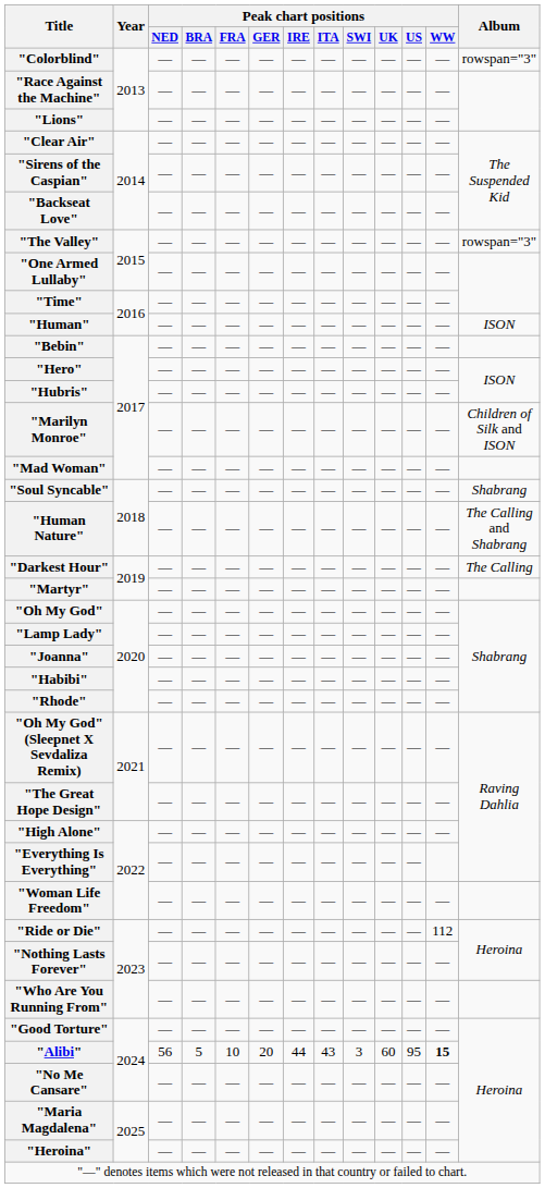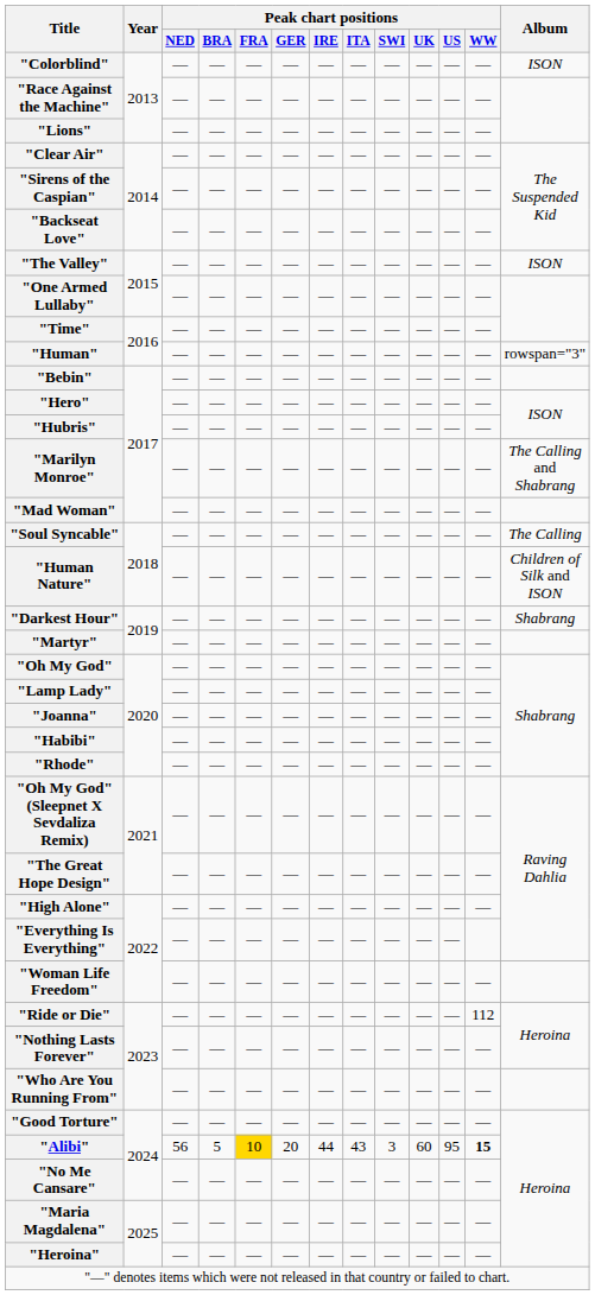 <table class="wikitable plainrowheaders" style="text-align:center;">
 <tr>
 <th scope="col" rowspan="2" style="width:20em;">Title</th>
 <th scope="col" rowspan="2" style="width:1em;">Year</th>
 <th scope="col" colspan="10">Peak chart positions</th>
 <th scope="col" rowspan="2">Album</th>
 </tr>
 <tr>
 <th scope="col" style="width:3em;font-size:90%;"><a href='#'>NED</a><br></th>
 <th scope="col" style="width:3em;font-size:90%;"><a href='#'>BRA</a><br></th>
 <th scope="col" style="width:3em;font-size:90%;"><a href='#'>FRA</a><br></th>
 <th scope="col" style="width:3em;font-size:90%;"><a href='#'>GER</a><br></th>
 <th scope="col" style="width:3em;font-size:90%;"><a href='#'>IRE</a><br></th>
 <th scope="col" style="width:3em;font-size:90%;"><a href='#'>ITA</a><br></th>
 <th scope="col" style="width:3em;font-size:90%;"><a href='#'>SWI</a><br></th>
 <th scope="col" style="width:3em;font-size:90%;"><a href='#'>UK</a><br></th>
 <th scope="col" style="width:3em;font-size:90%;"><a href='#'>US</a><br></th>
 <th scope="col" style="width:3em;font-size:90%;"><a href='#'>WW</a><br></th>
 </tr>
 <tr>
 <th scope="row">"Colorblind"</th>
 <td rowspan="3">2013</td>
 <td>—</td>
 <td>—</td>
 <td>—</td>
 <td>—</td>
 <td>—</td>
 <td>—</td>
 <td>—</td>
 <td>—</td>
 <td>—</td>
 <td>—</td>
-<td>rowspan="3" </td>
+<td><em>ISON</em></td>
 </tr>
 <tr>
 <th scope="row">"Race Against the Machine"</th>
 <td>—</td>
 <td>—</td>
 <td>—</td>
 <td>—</td>
 <td>—</td>
 <td>—</td>
 <td>—</td>
 <td>—</td>
 <td>—</td>
 <td>—</td>
 </tr>
 <tr>
 <th scope="row">"Lions"</th>
 <td>—</td>
 <td>—</td>
 <td>—</td>
 <td>—</td>
 <td>—</td>
 <td>—</td>
 <td>—</td>
 <td>—</td>
 <td>—</td>
 <td>—</td>
 </tr>
 <tr>
 <th scope="row">"Clear Air"</th>
 <td rowspan="3">2014</td>
 <td>—</td>
 <td>—</td>
 <td>—</td>
 <td>—</td>
 <td>—</td>
 <td>—</td>
 <td>—</td>
 <td>—</td>
 <td>—</td>
 <td>—</td>
 <td rowspan="3"><em>The Suspended Kid</em></td>
 </tr>
 <tr>
 <th scope="row">"Sirens of the Caspian"</th>
 <td>—</td>
 <td>—</td>
 <td>—</td>
 <td>—</td>
 <td>—</td>
 <td>—</td>
 <td>—</td>
 <td>—</td>
 <td>—</td>
 <td>—</td>
 </tr>
 <tr>
 <th scope="row">"Backseat Love"</th>
 <td>—</td>
 <td>—</td>
 <td>—</td>
 <td>—</td>
 <td>—</td>
 <td>—</td>
 <td>—</td>
 <td>—</td>
 <td>—</td>
 <td>—</td>
 </tr>
 <tr>
 <th scope="row">"The Valley"</th>
 <td rowspan="2">2015</td>
 <td>—</td>
 <td>—</td>
 <td>—</td>
 <td>—</td>
 <td>—</td>
 <td>—</td>
 <td>—</td>
 <td>—</td>
 <td>—</td>
 <td>—</td>
-<td>rowspan="3" </td>
+<td><em>ISON</em></td>
 </tr>
 <tr>
 <th scope="row">"One Armed Lullaby"</th>
 <td>—</td>
 <td>—</td>
 <td>—</td>
 <td>—</td>
 <td>—</td>
 <td>—</td>
 <td>—</td>
 <td>—</td>
 <td>—</td>
 <td>—</td>
 </tr>
 <tr>
 <th scope="row">"Time"</th>
 <td rowspan="2">2016</td>
 <td>—</td>
 <td>—</td>
 <td>—</td>
 <td>—</td>
 <td>—</td>
 <td>—</td>
 <td>—</td>
 <td>—</td>
 <td>—</td>
 <td>—</td>
 </tr>
 <tr>
 <th scope="row">"Human"</th>
 <td>—</td>
 <td>—</td>
 <td>—</td>
 <td>—</td>
 <td>—</td>
 <td>—</td>
 <td>—</td>
 <td>—</td>
 <td>—</td>
 <td>—</td>
-<td><em>ISON</em></td>
+<td>rowspan="3" </td>
 </tr>
 <tr>
 <th scope="row">"Bebin"</th>
 <td rowspan="5">2017</td>
 <td>—</td>
 <td>—</td>
 <td>—</td>
 <td>—</td>
 <td>—</td>
 <td>—</td>
 <td>—</td>
 <td>—</td>
 <td>—</td>
 <td>—</td>
 <td></td>
 </tr>
 <tr>
 <th scope="row">"Hero"</th>
 <td>—</td>
 <td>—</td>
 <td>—</td>
 <td>—</td>
 <td>—</td>
 <td>—</td>
 <td>—</td>
 <td>—</td>
 <td>—</td>
 <td>—</td>
 <td rowspan="2"><em>ISON</em></td>
 </tr>
 <tr>
 <th scope="row">"Hubris"</th>
 <td>—</td>
 <td>—</td>
 <td>—</td>
 <td>—</td>
 <td>—</td>
 <td>—</td>
 <td>—</td>
 <td>—</td>
 <td>—</td>
 <td>—</td>
 </tr>
 <tr>
 <th scope="row">"Marilyn Monroe"</th>
 <td>—</td>
 <td>—</td>
 <td>—</td>
 <td>—</td>
 <td>—</td>
 <td>—</td>
 <td>—</td>
 <td>—</td>
 <td>—</td>
 <td>—</td>
-<td><em>Children of Silk</em> and <em>ISON</em></td>
+<td><em>The Calling</em> and <em>Shabrang</em></td>
 </tr>
 <tr>
 <th scope="row">"Mad Woman"</th>
 <td>—</td>
 <td>—</td>
 <td>—</td>
 <td>—</td>
 <td>—</td>
 <td>—</td>
 <td>—</td>
 <td>—</td>
 <td>—</td>
 <td>—</td>
 <td></td>
 </tr>
 <tr>
 <th scope="row">"Soul Syncable"</th>
 <td rowspan="2">2018</td>
 <td>—</td>
 <td>—</td>
 <td>—</td>
 <td>—</td>
 <td>—</td>
 <td>—</td>
 <td>—</td>
 <td>—</td>
 <td>—</td>
 <td>—</td>
-<td><em>Shabrang</em></td>
+<td><em>The Calling</em></td>
 </tr>
 <tr>
 <th scope="row">"Human Nature"</th>
 <td>—</td>
 <td>—</td>
 <td>—</td>
 <td>—</td>
 <td>—</td>
 <td>—</td>
 <td>—</td>
 <td>—</td>
 <td>—</td>
 <td>—</td>
-<td><em>The Calling</em> and <em>Shabrang</em></td>
+<td><em>Children of Silk</em> and <em>ISON</em></td>
 </tr>
 <tr>
 <th scope="row">"Darkest Hour"</th>
 <td rowspan="2">2019</td>
 <td>—</td>
 <td>—</td>
 <td>—</td>
 <td>—</td>
 <td>—</td>
 <td>—</td>
 <td>—</td>
 <td>—</td>
 <td>—</td>
 <td>—</td>
-<td><em>The Calling</em></td>
+<td><em>Shabrang</em></td>
 </tr>
 <tr>
 <th scope="row">"Martyr"</th>
 <td>—</td>
 <td>—</td>
 <td>—</td>
 <td>—</td>
 <td>—</td>
 <td>—</td>
 <td>—</td>
 <td>—</td>
 <td>—</td>
 <td>—</td>
 <td></td>
 </tr>
 <tr>
 <th scope="row">"Oh My God"</th>
 <td rowspan="5">2020</td>
 <td>—</td>
 <td>—</td>
 <td>—</td>
 <td>—</td>
 <td>—</td>
 <td>—</td>
 <td>—</td>
 <td>—</td>
 <td>—</td>
 <td>—</td>
 <td rowspan="5"><em>Shabrang</em></td>
 </tr>
 <tr>
 <th scope="row">"Lamp Lady"</th>
 <td>—</td>
 <td>—</td>
 <td>—</td>
 <td>—</td>
 <td>—</td>
 <td>—</td>
 <td>—</td>
 <td>—</td>
 <td>—</td>
 <td>—</td>
 </tr>
 <tr>
 <th scope="row">"Joanna"</th>
 <td>—</td>
 <td>—</td>
 <td>—</td>
 <td>—</td>
 <td>—</td>
 <td>—</td>
 <td>—</td>
 <td>—</td>
 <td>—</td>
 <td>—</td>
 </tr>
 <tr>
 <th scope="row">"Habibi"</th>
 <td>—</td>
 <td>—</td>
 <td>—</td>
 <td>—</td>
 <td>—</td>
 <td>—</td>
 <td>—</td>
 <td>—</td>
 <td>—</td>
 <td>—</td>
 </tr>
 <tr>
 <th scope="row">"Rhode"</th>
 <td>—</td>
 <td>—</td>
 <td>—</td>
 <td>—</td>
 <td>—</td>
 <td>—</td>
 <td>—</td>
 <td>—</td>
 <td>—</td>
 <td>—</td>
 </tr>
 <tr>
 <th scope="row">"Oh My God"<br><span>(Sleepnet X Sevdaliza Remix)</span></th>
 <td rowspan="2">2021</td>
 <td>—</td>
 <td>—</td>
 <td>—</td>
 <td>—</td>
 <td>—</td>
 <td>—</td>
 <td>—</td>
 <td>—</td>
 <td>—</td>
 <td>—</td>
 <td rowspan="4"><em>Raving Dahlia</em></td>
 </tr>
 <tr>
 <th scope="row">"The Great Hope Design"</th>
 <td>—</td>
 <td>—</td>
 <td>—</td>
 <td>—</td>
 <td>—</td>
 <td>—</td>
 <td>—</td>
 <td>—</td>
 <td>—</td>
 <td>—</td>
 </tr>
 <tr>
 <th scope="row">"High Alone"</th>
 <td rowspan="3">2022</td>
 <td>—</td>
 <td>—</td>
 <td>—</td>
 <td>—</td>
 <td>—</td>
 <td>—</td>
 <td>—</td>
 <td>—</td>
 <td>—</td>
 <td>—</td>
 </tr>
 <tr>
 <th scope="row">"Everything Is Everything"</th>
 <td>—</td>
 <td>—</td>
 <td>—</td>
 <td>—</td>
 <td>—</td>
 <td>—</td>
 <td>—</td>
 <td>—</td>
 <td>—</td>
 </tr>
 <tr>
 <th scope="row">"Woman Life Freedom"</th>
 <td>—</td>
 <td>—</td>
 <td>—</td>
 <td>—</td>
 <td>—</td>
 <td>—</td>
 <td>—</td>
 <td>—</td>
 <td>—</td>
 <td>—</td>
 <td></td>
 </tr>
 <tr>
 <th scope="row">"Ride or Die"<br></th>
 <td rowspan="3">2023</td>
 <td>—</td>
 <td>—</td>
 <td>—</td>
 <td>—</td>
 <td>—</td>
 <td>—</td>
 <td>—</td>
 <td>—</td>
 <td>—</td>
 <td>112</td>
 <td rowspan="2"><em>Heroina</em></td>
 </tr>
 <tr>
 <th scope="row">"Nothing Lasts Forever"<br></th>
 <td>—</td>
 <td>—</td>
 <td>—</td>
 <td>—</td>
 <td>—</td>
 <td>—</td>
 <td>—</td>
 <td>—</td>
 <td>—</td>
 <td>—</td>
 </tr>
 <tr>
 <th scope="row">"Who Are You Running From"</th>
 <td>—</td>
 <td>—</td>
 <td>—</td>
 <td>—</td>
 <td>—</td>
 <td>—</td>
 <td>—</td>
 <td>—</td>
 <td>—</td>
 <td>—</td>
 <td></td>
 </tr>
 <tr>
 <th scope="row">"Good Torture"<br></th>
 <td rowspan="3">2024</td>
 <td>—</td>
 <td>—</td>
 <td>—</td>
 <td>—</td>
 <td>—</td>
 <td>—</td>
 <td>—</td>
 <td>—</td>
 <td>—</td>
 <td>—</td>
 <td rowspan="5"><em>Heroina</em></td>
 </tr>
 <tr>
 <th scope="row">"<a href='#'>Alibi</a>"<br></th>
 <td>56</td>
 <td>5</td>
-<td>10<br></td>
+<td style="background: gold;">10<br></td>
 <td>20</td>
 <td>44</td>
 <td>43<br></td>
 <td>3</td>
 <td>60</td>
 <td>95</td>
 <td><strong>15</strong></td>
 </tr>
 <tr>
 <th scope="row">"No Me Cansare"<br></th>
 <td>—</td>
 <td>—</td>
 <td>—</td>
 <td>—</td>
 <td>—</td>
 <td>—</td>
 <td>—</td>
 <td>—</td>
 <td>—</td>
 <td>—</td>
 </tr>
 <tr>
 <th scope="row">"Maria Magdalena"<br></th>
 <td rowspan="2">2025</td>
 <td>—</td>
 <td>—</td>
 <td>—</td>
 <td>—</td>
 <td>—</td>
 <td>—</td>
 <td>—</td>
 <td>—</td>
 <td>—</td>
 <td>—</td>
 </tr>
 <tr>
 <th scope="row">"Heroina"<br></th>
 <td>—</td>
 <td>—</td>
 <td>—</td>
 <td>—</td>
 <td>—</td>
 <td>—</td>
 <td>—</td>
 <td>—</td>
 <td>—</td>
 <td>—</td>
 </tr>
 <tr>
 <td colspan="14" style="font-size:90%;">"—" denotes items which were not released in that country or failed to chart.</td>
 </tr>
 </table>
